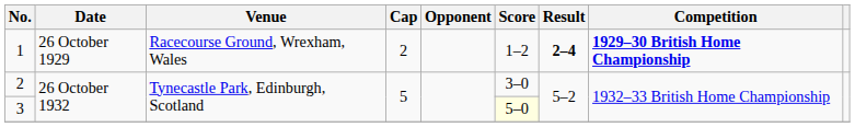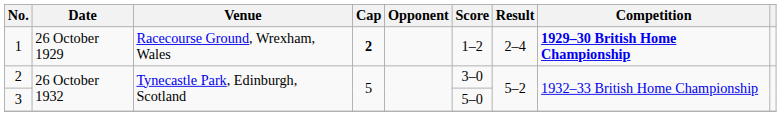 <table class="wikitable sortable">
 <tr>
 <th scope="col">No.</th>
 <th scope="col">Date</th>
 <th scope="col">Venue</th>
 <th scope="col">Cap</th>
 <th scope="col">Opponent</th>
 <th scope="col">Score</th>
 <th scope="col">Result</th>
 <th scope="col">Competition</th>
 <th scope="col" class="unsortable"></th>
 </tr>
 <tr>
 <td style="text-align: center;">1</td>
 <td>26 October 1929</td>
 <td><a href='#'>Racecourse Ground</a>, Wrexham, Wales</td>
-<td style="text-align: center;">2</td>
+<td style="text-align: center;"><strong>2</strong></td>
 <td></td>
 <td style="text-align: center;">1–2</td>
-<td style="text-align: center;"><strong>2–4</strong></td>
+<td style="text-align: center;">2–4</td>
 <td><strong><a href='#'>1929–30 British Home Championship</a></strong></td>
 <td style="text-align: center;"></td>
 </tr>
 <tr>
 <td style="text-align: center;">2</td>
 <td rowspan="2">26 October 1932</td>
 <td rowspan="2"><a href='#'>Tynecastle Park</a>, Edinburgh, Scotland</td>
 <td rowspan="2" style="text-align: center;">5</td>
 <td rowspan="2"></td>
 <td style="text-align: center;">3–0</td>
 <td rowspan="2" style="text-align: center;">5–2</td>
 <td rowspan="2"><a href='#'>1932–33 British Home Championship</a></td>
 <td rowspan="2" style="text-align: center;"></td>
 </tr>
 <tr>
 <td style="text-align: center;">3</td>
-<td style="background: lightyellow; text-align: center;">5–0</td>
+<td style="text-align: center;">5–0</td>
 </tr>
 <tr>
 </tr>
 </table>
